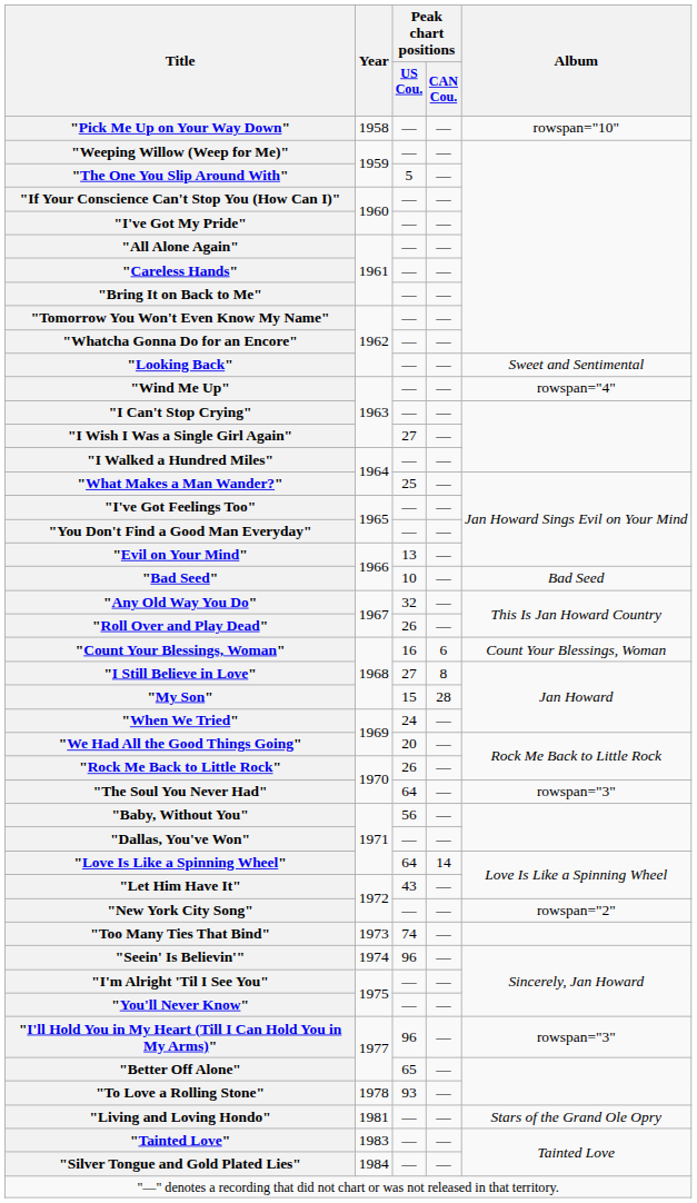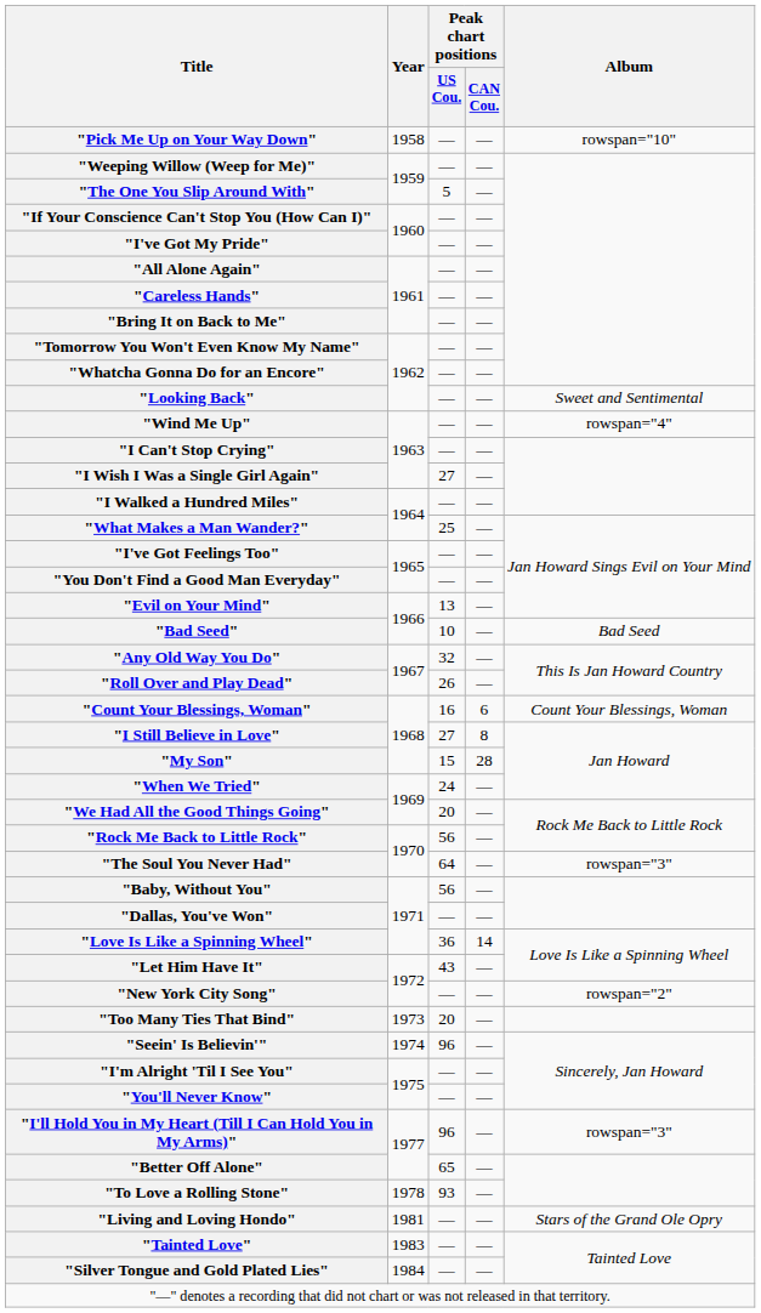 <table class="wikitable plainrowheaders" style="text-align:center;">
 <tr>
 <th scope="col" rowspan="2" style="width:23em;">Title</th>
 <th scope="col" rowspan="2">Year</th>
 <th scope="col" colspan="2">Peak chart<br>positions</th>
 <th scope="col" rowspan="2">Album</th>
 </tr>
 <tr>
 <th scope="col" style="width:2em;font-size:90%;"><a href='#'>US<br>Cou.</a><br><br></th>
 <th scope="col" style="width:2em;font-size:90%;"><a href='#'>CAN<br>Cou.</a><br></th>
 </tr>
 <tr>
 <th scope="row">"<a href='#'>Pick Me Up on Your Way Down</a>"</th>
 <td>1958</td>
 <td>—</td>
 <td>—</td>
 <td>rowspan="10" </td>
 </tr>
 <tr>
 <th scope="row">"Weeping Willow (Weep for Me)"</th>
 <td rowspan="2">1959</td>
 <td>—</td>
 <td>—</td>
 </tr>
 <tr>
 <th scope="row">"<a href='#'>The One You Slip Around With</a>"</th>
 <td>5</td>
 <td>—</td>
 </tr>
 <tr>
 <th scope="row">"If Your Conscience Can't Stop You (How Can I)"</th>
 <td rowspan="2">1960</td>
 <td>—</td>
 <td>—</td>
 </tr>
 <tr>
 <th scope="row">"I've Got My Pride"</th>
 <td>—</td>
 <td>—</td>
 </tr>
 <tr>
 <th scope="row">"All Alone Again"</th>
 <td rowspan="3">1961</td>
 <td>—</td>
 <td>—</td>
 </tr>
 <tr>
 <th scope="row">"<a href='#'>Careless Hands</a>"</th>
 <td>—</td>
 <td>—</td>
 </tr>
 <tr>
 <th scope="row">"Bring It on Back to Me"</th>
 <td>—</td>
 <td>—</td>
 </tr>
 <tr>
 <th scope="row">"Tomorrow You Won't Even Know My Name"</th>
 <td rowspan="3">1962</td>
 <td>—</td>
 <td>—</td>
 </tr>
 <tr>
 <th scope="row">"Whatcha Gonna Do for an Encore"</th>
 <td>—</td>
 <td>—</td>
 </tr>
 <tr>
 <th scope="row">"<a href='#'>Looking Back</a>"</th>
 <td>—</td>
 <td>—</td>
 <td><em>Sweet and Sentimental</em></td>
 </tr>
 <tr>
 <th scope="row">"Wind Me Up"</th>
 <td rowspan="3">1963</td>
 <td>—</td>
 <td>—</td>
 <td>rowspan="4" </td>
 </tr>
 <tr>
 <th scope="row">"I Can't Stop Crying"</th>
 <td>—</td>
 <td>—</td>
 </tr>
 <tr>
 <th scope="row">"I Wish I Was a Single Girl Again"</th>
 <td>27</td>
 <td>—</td>
 </tr>
 <tr>
 <th scope="row">"I Walked a Hundred Miles"</th>
 <td rowspan="2">1964</td>
 <td>—</td>
 <td>—</td>
 </tr>
 <tr>
 <th scope="row">"<a href='#'>What Makes a Man Wander?</a>"</th>
 <td>25</td>
 <td>—</td>
 <td rowspan="4"><em>Jan Howard Sings Evil on Your Mind</em></td>
 </tr>
 <tr>
 <th scope="row">"I've Got Feelings Too"</th>
 <td rowspan="2">1965</td>
 <td>—</td>
 <td>—</td>
 </tr>
 <tr>
 <th scope="row">"You Don't Find a Good Man Everyday"</th>
 <td>—</td>
 <td>—</td>
 </tr>
 <tr>
 <th scope="row">"<a href='#'>Evil on Your Mind</a>"</th>
 <td rowspan="2">1966</td>
 <td>13</td>
 <td>—</td>
 </tr>
 <tr>
 <th scope="row">"<a href='#'>Bad Seed</a>"</th>
 <td>10</td>
 <td>—</td>
 <td><em>Bad Seed</em></td>
 </tr>
 <tr>
 <th scope="row">"<a href='#'>Any Old Way You Do</a>"</th>
 <td rowspan="2">1967</td>
 <td>32</td>
 <td>—</td>
 <td rowspan="2"><em>This Is Jan Howard Country</em></td>
 </tr>
 <tr>
 <th scope="row">"<a href='#'>Roll Over and Play Dead</a>"</th>
 <td>26</td>
 <td>—</td>
 </tr>
 <tr>
 <th scope="row">"<a href='#'>Count Your Blessings, Woman</a>"</th>
 <td rowspan="3">1968</td>
 <td>16</td>
 <td>6</td>
 <td><em>Count Your Blessings, Woman</em></td>
 </tr>
 <tr>
 <th scope="row">"<a href='#'>I Still Believe in Love</a>"</th>
 <td>27</td>
 <td>8</td>
 <td rowspan="3"><em>Jan Howard</em></td>
 </tr>
 <tr>
 <th scope="row">"<a href='#'>My Son</a>"</th>
 <td>15</td>
 <td>28</td>
 </tr>
 <tr>
 <th scope="row">"<a href='#'>When We Tried</a>"</th>
 <td rowspan="2">1969</td>
 <td>24</td>
 <td>—</td>
 </tr>
 <tr>
 <th scope="row">"<a href='#'>We Had All the Good Things Going</a>"</th>
 <td>20</td>
 <td>—</td>
 <td rowspan="2"><em>Rock Me Back to Little Rock</em></td>
 </tr>
 <tr>
 <th scope="row">"<a href='#'>Rock Me Back to Little Rock</a>"</th>
 <td rowspan="2">1970</td>
-<td>26</td>
+<td>56</td>
 <td>—</td>
 </tr>
 <tr>
 <th scope="row">"The Soul You Never Had"</th>
 <td>64</td>
 <td>—</td>
 <td>rowspan="3" </td>
 </tr>
 <tr>
 <th scope="row">"Baby, Without You"</th>
 <td rowspan="3">1971</td>
 <td>56</td>
 <td>—</td>
 </tr>
 <tr>
 <th scope="row">"Dallas, You've Won"</th>
 <td>—</td>
 <td>—</td>
 </tr>
 <tr>
 <th scope="row">"<a href='#'>Love Is Like a Spinning Wheel</a>"</th>
-<td>64</td>
+<td>36</td>
 <td>14</td>
 <td rowspan="2"><em>Love Is Like a Spinning Wheel</em></td>
 </tr>
 <tr>
 <th scope="row">"Let Him Have It"</th>
 <td rowspan="2">1972</td>
 <td>43</td>
 <td>—</td>
 </tr>
 <tr>
 <th scope="row">"New York City Song"</th>
 <td>—</td>
 <td>—</td>
 <td>rowspan="2" </td>
 </tr>
 <tr>
 <th scope="row">"Too Many Ties That Bind"</th>
 <td>1973</td>
-<td>74</td>
+<td>20</td>
 <td>—</td>
 </tr>
 <tr>
 <th scope="row">"Seein' Is Believin'"</th>
 <td>1974</td>
 <td>96</td>
 <td>—</td>
 <td rowspan="3"><em>Sincerely, Jan Howard</em></td>
 </tr>
 <tr>
 <th scope="row">"I'm Alright 'Til I See You"</th>
 <td rowspan="2">1975</td>
 <td>—</td>
 <td>—</td>
 </tr>
 <tr>
 <th scope="row">"<a href='#'>You'll Never Know</a>"</th>
 <td>—</td>
 <td>—</td>
 </tr>
 <tr>
 <th scope="row">"<a href='#'>I'll Hold You in My Heart (Till I Can Hold You in<br>My Arms)</a>"</th>
 <td rowspan="2">1977</td>
 <td>96</td>
 <td>—</td>
 <td>rowspan="3" </td>
 </tr>
 <tr>
 <th scope="row">"Better Off Alone"</th>
 <td>65</td>
 <td>—</td>
 </tr>
 <tr>
 <th scope="row">"To Love a Rolling Stone"</th>
 <td>1978</td>
 <td>93</td>
 <td>—</td>
 </tr>
 <tr>
 <th scope="row">"Living and Loving Hondo"</th>
 <td>1981</td>
 <td>—</td>
 <td>—</td>
 <td><em>Stars of the Grand Ole Opry</em></td>
 </tr>
 <tr>
 <th scope="row">"<a href='#'>Tainted Love</a>"</th>
 <td>1983</td>
 <td>—</td>
 <td>—</td>
 <td rowspan="2"><em>Tainted Love</em></td>
 </tr>
 <tr>
 <th scope="row">"Silver Tongue and Gold Plated Lies"</th>
 <td>1984</td>
 <td>—</td>
 <td>—</td>
 </tr>
 <tr>
 <td colspan="5" style="font-size:90%">"—" denotes a recording that did not chart or was not released in that territory.</td>
 </tr>
 </table>
